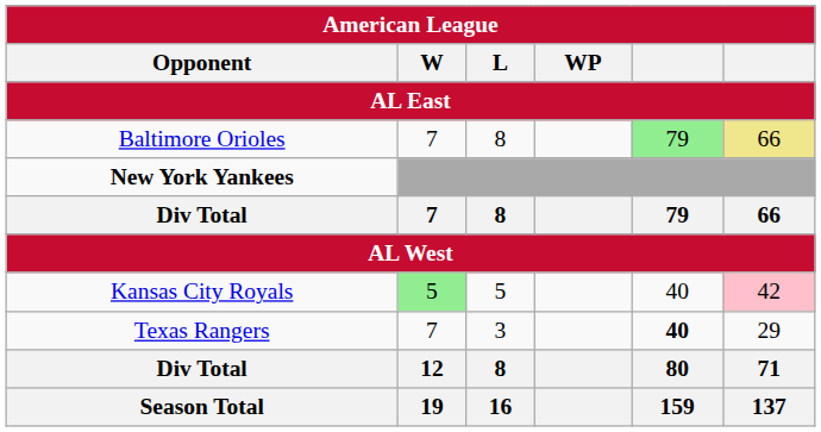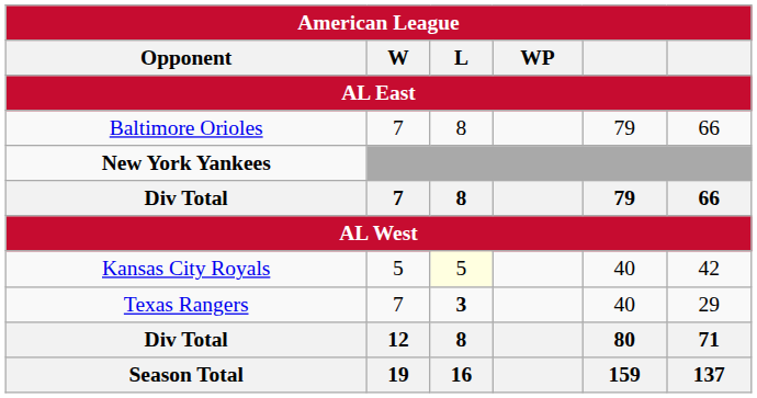 <table class="wikitable" style="margin:1em auto; font-size:95%; text-align:center; width:35em;">
 <tr>
 <th colspan="7" style="background:#c60c30; color:#ffffff;">American League</th>
 </tr>
 <tr>
 <th>Opponent</th>
 <th>W</th>
 <th>L</th>
 <th>WP</th>
 <th></th>
 <th></th>
 </tr>
 <tr>
 <th colspan="7" style="background:#c60c30; color:#ffffff;">AL East</th>
 </tr>
 <tr>
 <td><a href='#'>Baltimore Orioles</a></td>
 <td>7</td>
 <td>8</td>
 <td></td>
-<td style="background: lightgreen;">79</td>
-<td style="background: khaki;">66</td>
+<td>79</td>
+<td>66</td>
 </tr>
 <tr>
 <td><strong>New York Yankees</strong></td>
 <td colspan=5 style="background:darkgray;"></td>
 </tr>
 <tr>
 <th>Div Total</th>
 <th>7</th>
 <th>8</th>
 <th></th>
 <th>79</th>
 <th>66</th>
 </tr>
 <tr>
 <th colspan="7" style="background:#c60c30; color:#ffffff;">AL West</th>
 </tr>
 <tr>
 <td><a href='#'>Kansas City Royals</a></td>
-<td style="background: lightgreen;">5</td>
 <td>5</td>
+<td style="background: lightyellow;">5</td>
 <td></td>
 <td>40</td>
-<td style="background: pink;">42</td>
+<td>42</td>
 </tr>
 <tr>
 <td><a href='#'>Texas Rangers</a></td>
 <td>7</td>
-<td>3</td>
+<td><strong>3</strong></td>
 <td></td>
-<td><strong>40</strong></td>
+<td>40</td>
 <td>29</td>
 </tr>
 <tr>
 <th>Div Total</th>
 <th>12</th>
 <th>8</th>
 <th></th>
 <th>80</th>
 <th>71</th>
 </tr>
 <tr>
 <th>Season Total</th>
 <th>19</th>
 <th>16</th>
 <th></th>
 <th>159</th>
 <th>137</th>
 </tr>
 </table>
